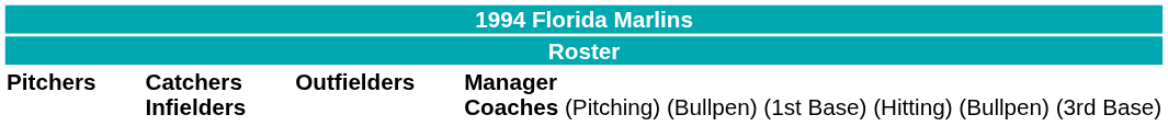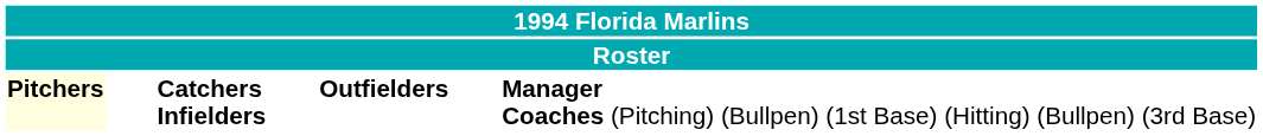 <table class="toccolours" style="font-size: 95%;">
 <tr>
 <th colspan="10" style="background-color: #00a8b0; color: white; text-align: center;">1994 Florida Marlins</th>
 </tr>
 <tr>
 <td colspan="10" style="background-color: #00a8b0; color: white; text-align: center;"><strong>Roster</strong></td>
 </tr>
 <tr>
-<td valign="top"><strong>Pitchers</strong><br>                   </td>
+<td valign="top" style="background: lightyellow;"><strong>Pitchers</strong><br>                   </td>
 <td width="25px"></td>
 <td valign="top"><strong>Catchers</strong><br>     <strong>Infielders</strong>          </td>
 <td width="25px"></td>
 <td valign="top"><strong>Outfielders</strong><br>      </td>
 <td width="25px"></td>
 <td valign="top"><strong>Manager</strong><br> <strong>Coaches</strong>  (Pitching)  (Bullpen)  (1st Base)  (Hitting)  (Bullpen)  (3rd Base)</td>
 </tr>
 <tr>
 </tr>
 </table>
